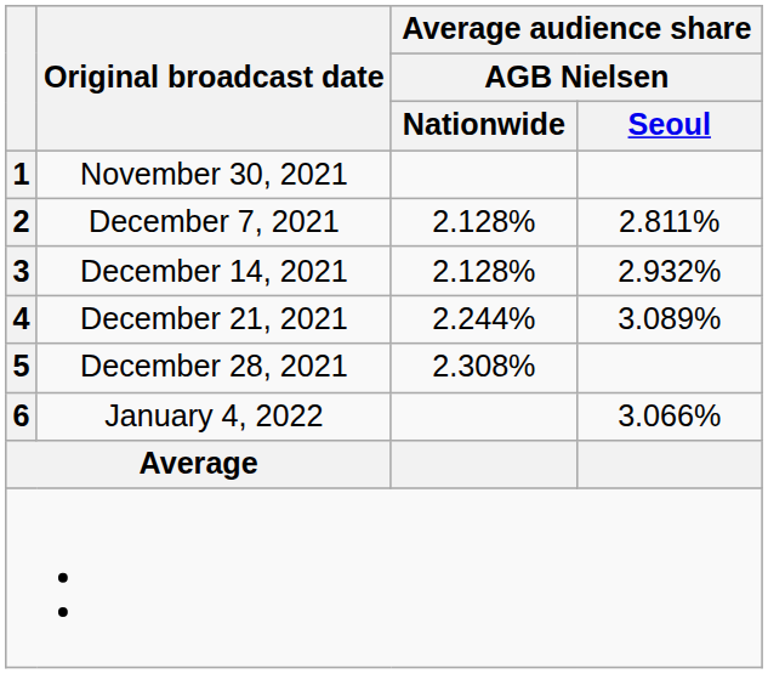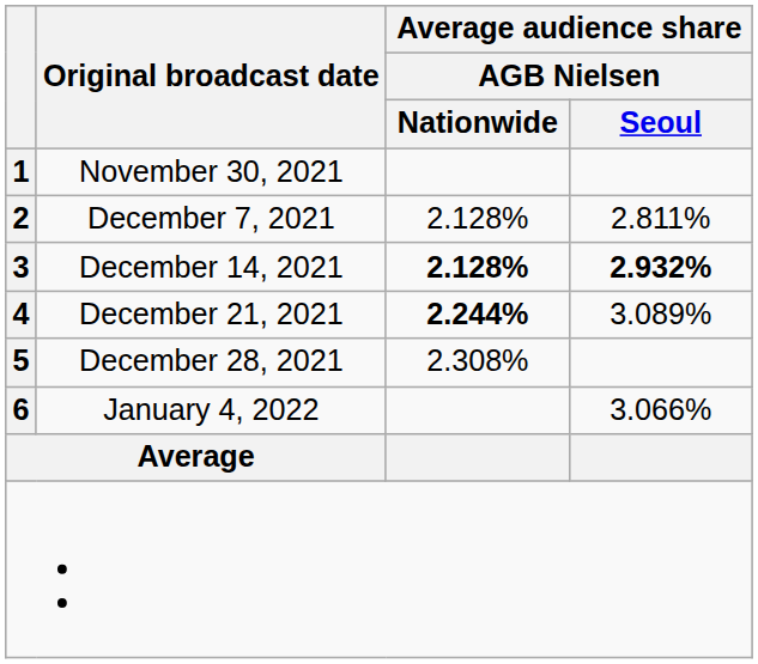 <table class="wikitable" style="text-align:center;max-width:450px; margin-left: auto; margin-right: auto; border: none;">
 <tr>
 </tr>
 <tr>
 <th rowspan="3"></th>
 <th rowspan="3">Original broadcast date</th>
 <th colspan="2">Average audience share</th>
 </tr>
 <tr>
 <th colspan="2">AGB Nielsen</th>
 </tr>
 <tr>
 <th width="90">Nationwide</th>
 <th width="90"><a href='#'>Seoul</a></th>
 </tr>
 <tr>
 <th>1</th>
 <td>November 30, 2021</td>
 <td> </td>
 <td> </td>
 </tr>
 <tr>
 <th>2</th>
 <td>December 7, 2021</td>
 <td>2.128% </td>
 <td>2.811% </td>
 </tr>
 <tr>
 <th>3</th>
 <td>December 14, 2021</td>
-<td>2.128% </td>
-<td>2.932% </td>
+<td><strong>2.128% </strong></td>
+<td><strong>2.932% </strong></td>
 </tr>
 <tr>
 <th>4</th>
 <td>December 21, 2021</td>
-<td>2.244% </td>
+<td><strong>2.244% </strong></td>
 <td>3.089% </td>
 </tr>
 <tr>
 <th>5</th>
 <td>December 28, 2021</td>
 <td>2.308% </td>
 <td> </td>
 </tr>
 <tr>
 <th>6</th>
 <td>January 4, 2022</td>
 <td> </td>
 <td>3.066% </td>
 </tr>
 <tr>
 <th colspan="2">Average</th>
 <th></th>
 <th></th>
 </tr>
 <tr>
 <td colspan="6"><br><ul><li></li><li></li></ul></td>
 </tr>
 </table>
